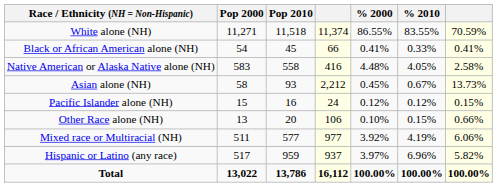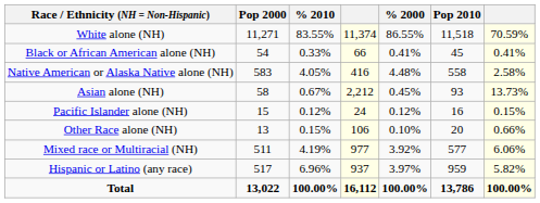 <table class="wikitable" style="text-align:center;">
 <tr>
 <th>Race / Ethnicity <small>(<em>NH = Non-Hispanic</em>)</small></th>
 <th>Pop 2000</th>
-<th>Pop 2010</th>
+<th>% 2010</th>
 <th></th>
 <th>% 2000</th>
-<th>% 2010</th>
+<th>Pop 2010</th>
 <th></th>
 </tr>
 <tr>
 <td><a href='#'>White</a> alone (NH)</td>
 <td>11,271</td>
-<td>11,518</td>
+<td>83.55%</td>
 <td style='background: #ffffe6;'>11,374</td>
 <td>86.55%</td>
-<td>83.55%</td>
+<td>11,518</td>
 <td style='background: #ffffe6;'>70.59%</td>
 </tr>
 <tr>
 <td><a href='#'>Black or African American</a> alone (NH)</td>
 <td>54</td>
-<td>45</td>
+<td>0.33%</td>
 <td style='background: #ffffe6;'>66</td>
 <td>0.41%</td>
-<td>0.33%</td>
+<td>45</td>
 <td style='background: #ffffe6;'>0.41%</td>
 </tr>
 <tr>
 <td><a href='#'>Native American</a> or <a href='#'>Alaska Native</a> alone (NH)</td>
 <td>583</td>
-<td>558</td>
+<td>4.05%</td>
 <td style='background: #ffffe6;'>416</td>
 <td>4.48%</td>
-<td>4.05%</td>
+<td>558</td>
 <td style='background: #ffffe6;'>2.58%</td>
 </tr>
 <tr>
 <td><a href='#'>Asian</a> alone (NH)</td>
 <td>58</td>
-<td>93</td>
+<td>0.67%</td>
 <td style='background: #ffffe6;'>2,212</td>
 <td>0.45%</td>
-<td>0.67%</td>
+<td>93</td>
 <td style='background: #ffffe6;'>13.73%</td>
 </tr>
 <tr>
 <td><a href='#'>Pacific Islander</a> alone (NH)</td>
 <td>15</td>
-<td>16</td>
+<td>0.12%</td>
 <td style='background: #ffffe6;'>24</td>
 <td>0.12%</td>
-<td>0.12%</td>
+<td>16</td>
 <td style='background: #ffffe6;'>0.15%</td>
 </tr>
 <tr>
 <td><a href='#'>Other Race</a> alone (NH)</td>
 <td>13</td>
-<td>20</td>
+<td>0.15%</td>
 <td style='background: #ffffe6;'>106</td>
 <td>0.10%</td>
-<td>0.15%</td>
+<td>20</td>
 <td style='background: #ffffe6;'>0.66%</td>
 </tr>
 <tr>
 <td><a href='#'>Mixed race or Multiracial</a> (NH)</td>
 <td>511</td>
-<td>577</td>
+<td>4.19%</td>
 <td style='background: #ffffe6;'>977</td>
 <td>3.92%</td>
-<td>4.19%</td>
+<td>577</td>
 <td style='background: #ffffe6;'>6.06%</td>
 </tr>
 <tr>
 <td><a href='#'>Hispanic or Latino</a> (any race)</td>
 <td>517</td>
-<td>959</td>
+<td>6.96%</td>
 <td style='background: #ffffe6;'>937</td>
 <td>3.97%</td>
-<td>6.96%</td>
+<td>959</td>
 <td style='background: #ffffe6;'>5.82%</td>
 </tr>
 <tr>
 <td><strong>Total</strong></td>
 <td><strong>13,022</strong></td>
-<td><strong>13,786</strong></td>
+<td><strong>100.00%</strong></td>
 <td style='background: #ffffe6;'><strong>16,112</strong></td>
 <td><strong>100.00%</strong></td>
-<td><strong>100.00%</strong></td>
+<td><strong>13,786</strong></td>
 <td style='background: #ffffe6;'><strong>100.00%</strong></td>
 </tr>
 </table>
